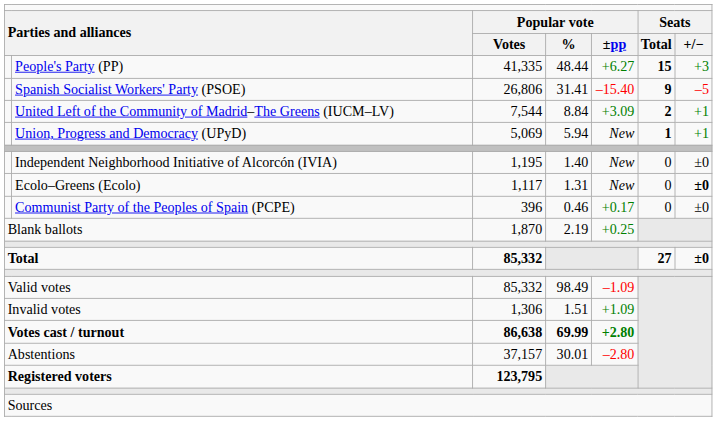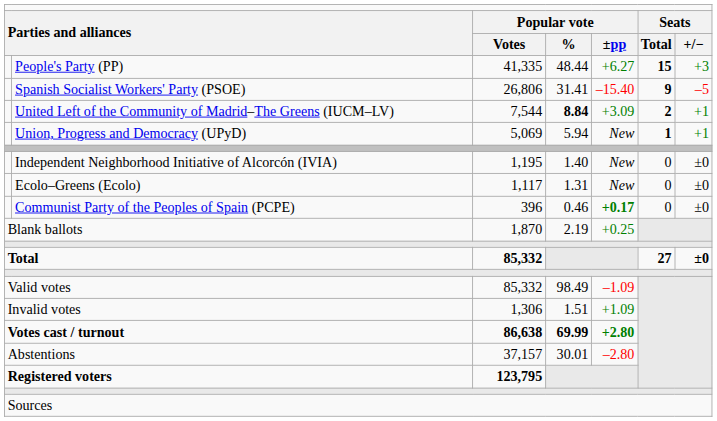 <table class="wikitable" style="text-align:right;">
 <tr>
 <td colspan="7"></td>
 </tr>
 <tr>
 <th style="text-align:left;" rowspan="2" colspan="2" width="525">Parties and alliances</th>
 <th colspan="3">Popular vote</th>
 <th colspan="2">Seats</th>
 </tr>
 <tr>
 <th width="75">Votes</th>
 <th width="45">%</th>
 <th width="45">±<a href='#'>pp</a></th>
 <th width="35">Total</th>
 <th width="35">+/−</th>
 </tr>
 <tr>
 <td width="1" style="color:inherit;background:"></td>
 <td align="left"><a href='#'>People's Party</a> (PP)</td>
 <td>41,335</td>
 <td>48.44</td>
 <td style="color:green;">+6.27</td>
 <td><strong>15</strong></td>
 <td style="color:green;">+3</td>
 </tr>
 <tr>
 <td style="color:inherit;background:"></td>
 <td align="left"><a href='#'>Spanish Socialist Workers' Party</a> (PSOE)</td>
 <td>26,806</td>
 <td>31.41</td>
 <td style="color:red;">–15.40</td>
 <td><strong>9</strong></td>
 <td style="color:red;">–5</td>
 </tr>
 <tr>
 <td style="color:inherit;background:"></td>
 <td align="left"><a href='#'>United Left of the Community of Madrid</a>–<a href='#'>The Greens</a> (IUCM–LV)</td>
 <td>7,544</td>
-<td>8.84</td>
+<td><strong>8.84</strong></td>
 <td style="color:green;">+3.09</td>
 <td><strong>2</strong></td>
 <td style="color:green;">+1</td>
 </tr>
 <tr>
 <td style="color:inherit;background:"></td>
 <td align="left"><a href='#'>Union, Progress and Democracy</a> (UPyD)</td>
 <td>5,069</td>
 <td>5.94</td>
 <td><em>New</em></td>
 <td><strong>1</strong></td>
 <td style="color:green;">+1</td>
 </tr>
 <tr>
 <td colspan="7" bgcolor="#C0C0C0"></td>
 </tr>
 <tr>
 <td style="color:inherit;background:"></td>
 <td align="left">Independent Neighborhood Initiative of Alcorcón (IVIA)</td>
 <td>1,195</td>
 <td>1.40</td>
 <td><em>New</em></td>
 <td>0</td>
 <td>±0</td>
 </tr>
 <tr>
 <td style="color:inherit;background:"></td>
 <td align="left">Ecolo–Greens (Ecolo)</td>
 <td>1,117</td>
 <td>1.31</td>
 <td><em>New</em></td>
 <td>0</td>
-<td><strong>±0</strong></td>
+<td>±0</td>
 </tr>
 <tr>
 <td style="color:inherit;background:"></td>
 <td align="left"><a href='#'>Communist Party of the Peoples of Spain</a> (PCPE)</td>
 <td>396</td>
 <td>0.46</td>
-<td style="color:green;">+0.17</td>
+<td style="color:green;"><strong>+0.17</strong></td>
 <td>0</td>
 <td>±0</td>
 </tr>
 <tr>
 <td align="left" colspan="2">Blank ballots</td>
 <td>1,870</td>
 <td>2.19</td>
 <td style="color:green;">+0.25</td>
 <td bgcolor="#E9E9E9" colspan="2"></td>
 </tr>
 <tr>
 <td colspan="7" bgcolor="#E9E9E9"></td>
 </tr>
 <tr style="font-weight:bold;">
 <td align="left" colspan="2">Total</td>
 <td>85,332</td>
 <td bgcolor="#E9E9E9" colspan="2"></td>
 <td>27</td>
 <td>±0</td>
 </tr>
 <tr>
 <td colspan="7" bgcolor="#E9E9E9"></td>
 </tr>
 <tr>
 <td align="left" colspan="2">Valid votes</td>
 <td>85,332</td>
 <td>98.49</td>
 <td style="color:red;">–1.09</td>
 <td bgcolor="#E9E9E9" colspan="2" rowspan="5"></td>
 </tr>
 <tr>
 <td align="left" colspan="2">Invalid votes</td>
 <td>1,306</td>
 <td>1.51</td>
 <td style="color:green;">+1.09</td>
 </tr>
 <tr style="font-weight:bold;">
 <td align="left" colspan="2">Votes cast / turnout</td>
 <td>86,638</td>
 <td>69.99</td>
 <td style="color:green;">+2.80</td>
 </tr>
 <tr>
 <td align="left" colspan="2">Abstentions</td>
 <td>37,157</td>
 <td>30.01</td>
 <td style="color:red;">–2.80</td>
 </tr>
 <tr style="font-weight:bold;">
 <td align="left" colspan="2">Registered voters</td>
 <td>123,795</td>
 <td bgcolor="#E9E9E9" colspan="2"></td>
 </tr>
 <tr>
 <td colspan="7" bgcolor="#E9E9E9"></td>
 </tr>
 <tr>
 <td align="left" colspan="7">Sources</td>
 </tr>
 </table>
